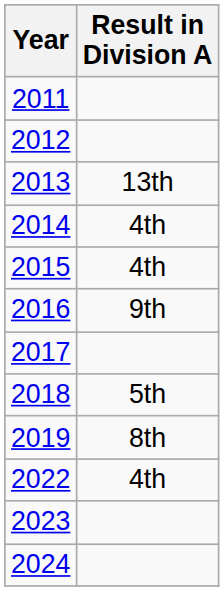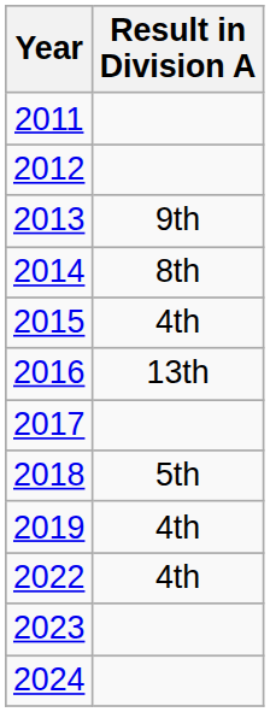 <table class="wikitable" style="text-align:center">
 <tr>
 <th>Year</th>
 <th>Result in<br>Division A</th>
 </tr>
 <tr>
 <td><a href='#'>2011</a></td>
 <td></td>
 </tr>
 <tr>
 <td><a href='#'>2012</a></td>
 <td></td>
 </tr>
 <tr>
 <td><a href='#'>2013</a></td>
-<td>13th</td>
+<td>9th</td>
 </tr>
 <tr>
 <td><a href='#'>2014</a></td>
-<td>4th</td>
+<td>8th</td>
 </tr>
 <tr>
 <td><a href='#'>2015</a></td>
 <td>4th</td>
 </tr>
 <tr>
 <td><a href='#'>2016</a></td>
-<td>9th</td>
+<td>13th</td>
 </tr>
 <tr>
 <td><a href='#'>2017</a></td>
 <td></td>
 </tr>
 <tr>
 <td><a href='#'>2018</a></td>
 <td>5th</td>
 </tr>
 <tr>
 <td><a href='#'>2019</a></td>
-<td>8th</td>
+<td>4th</td>
 </tr>
 <tr>
 <td><a href='#'>2022</a></td>
 <td>4th</td>
 </tr>
 <tr>
 <td><a href='#'>2023</a></td>
 <td></td>
 </tr>
 <tr>
 <td><a href='#'>2024</a></td>
 <td></td>
 </tr>
 </table>
